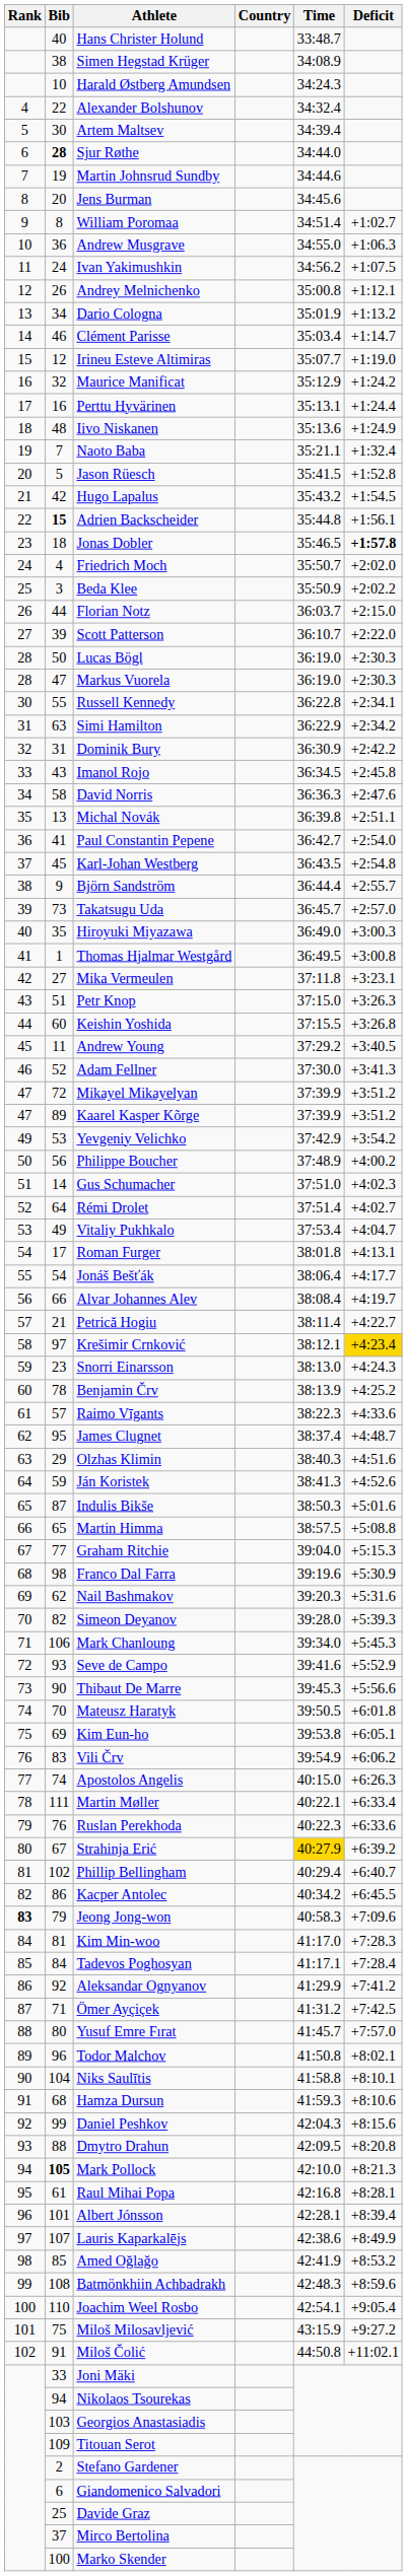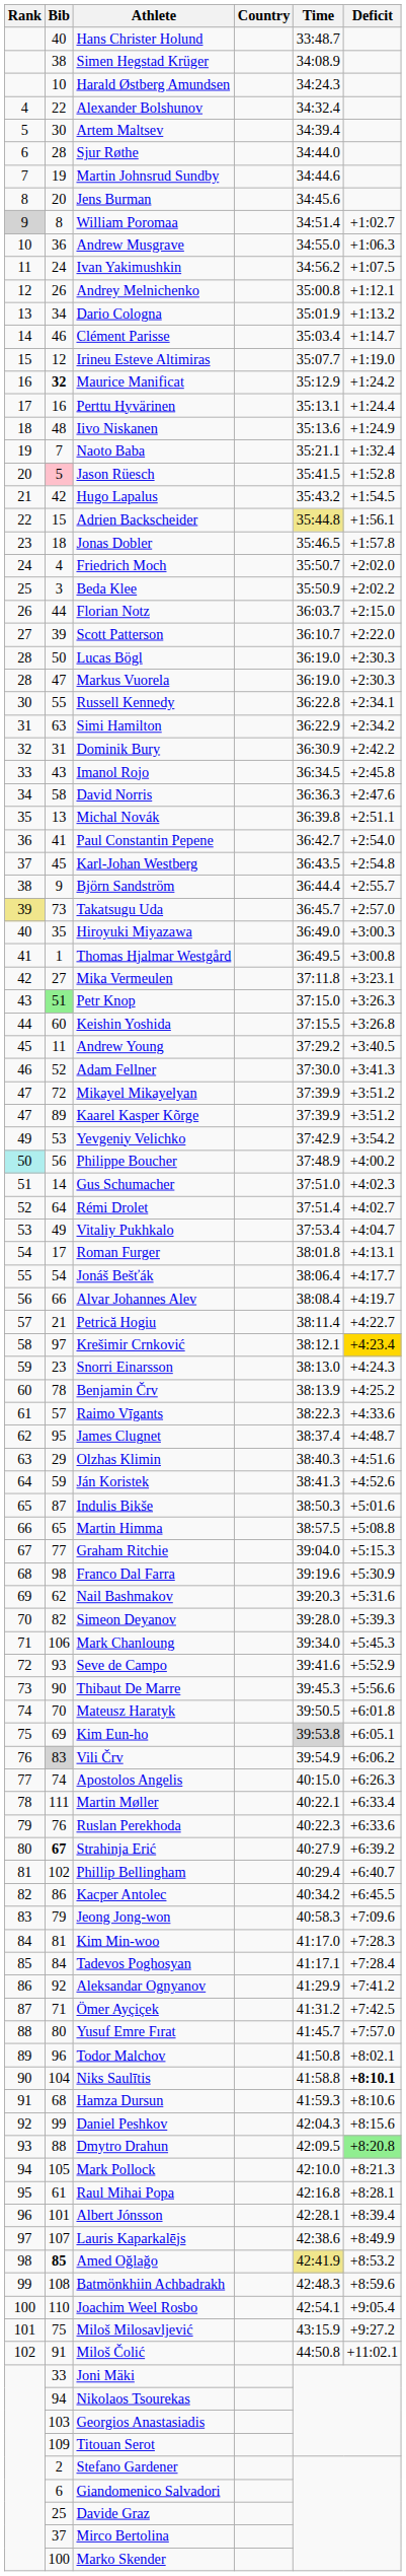 <table class="wikitable sortable" style="text-align:center">
 <tr>
 <th>Rank</th>
 <th>Bib</th>
 <th>Athlete</th>
 <th>Country</th>
 <th>Time</th>
 <th>Deficit</th>
 </tr>
 <tr>
 <td></td>
 <td>40</td>
 <td align=left><a href='#'>Hans Christer Holund</a></td>
 <td align=left></td>
 <td>33:48.7</td>
 <td></td>
 </tr>
 <tr>
 <td></td>
 <td>38</td>
 <td align=left><a href='#'>Simen Hegstad Krüger</a></td>
 <td align=left></td>
 <td>34:08.9</td>
 <td></td>
 </tr>
 <tr>
 <td></td>
 <td>10</td>
 <td align=left><a href='#'>Harald Østberg Amundsen</a></td>
 <td align=left></td>
 <td>34:24.3</td>
 <td></td>
 </tr>
 <tr>
 <td>4</td>
 <td>22</td>
 <td align=left><a href='#'>Alexander Bolshunov</a></td>
 <td align=left></td>
 <td>34:32.4</td>
 <td></td>
 </tr>
 <tr>
 <td>5</td>
 <td>30</td>
 <td align=left><a href='#'>Artem Maltsev</a></td>
 <td align=left></td>
 <td>34:39.4</td>
 <td></td>
 </tr>
 <tr>
 <td>6</td>
-<td><strong>28</strong></td>
+<td>28</td>
 <td align=left><a href='#'>Sjur Røthe</a></td>
 <td align=left></td>
 <td>34:44.0</td>
 <td></td>
 </tr>
 <tr>
 <td>7</td>
 <td>19</td>
 <td align=left><a href='#'>Martin Johnsrud Sundby</a></td>
 <td align=left></td>
 <td>34:44.6</td>
 <td></td>
 </tr>
 <tr>
 <td>8</td>
 <td>20</td>
 <td align=left><a href='#'>Jens Burman</a></td>
 <td align=left></td>
 <td>34:45.6</td>
 <td></td>
 </tr>
 <tr>
-<td>9</td>
+<td style="background: lightgrey;">9</td>
 <td>8</td>
 <td align=left><a href='#'>William Poromaa</a></td>
 <td align=left></td>
 <td>34:51.4</td>
 <td>+1:02.7</td>
 </tr>
 <tr>
 <td>10</td>
 <td>36</td>
 <td align=left><a href='#'>Andrew Musgrave</a></td>
 <td align=left></td>
 <td>34:55.0</td>
 <td>+1:06.3</td>
 </tr>
 <tr>
 <td>11</td>
 <td>24</td>
 <td align=left><a href='#'>Ivan Yakimushkin</a></td>
 <td align=left></td>
 <td>34:56.2</td>
 <td>+1:07.5</td>
 </tr>
 <tr>
 <td>12</td>
 <td>26</td>
 <td align=left><a href='#'>Andrey Melnichenko</a></td>
 <td align=left></td>
 <td>35:00.8</td>
 <td>+1:12.1</td>
 </tr>
 <tr>
 <td>13</td>
 <td>34</td>
 <td align=left><a href='#'>Dario Cologna</a></td>
 <td align=left></td>
 <td>35:01.9</td>
 <td>+1:13.2</td>
 </tr>
 <tr>
 <td>14</td>
 <td>46</td>
 <td align=left><a href='#'>Clément Parisse</a></td>
 <td align=left></td>
 <td>35:03.4</td>
 <td>+1:14.7</td>
 </tr>
 <tr>
 <td>15</td>
 <td>12</td>
 <td align=left><a href='#'>Irineu Esteve Altimiras</a></td>
 <td align=left></td>
 <td>35:07.7</td>
 <td>+1:19.0</td>
 </tr>
 <tr>
 <td>16</td>
-<td>32</td>
+<td><strong>32</strong></td>
 <td align=left><a href='#'>Maurice Manificat</a></td>
 <td align=left></td>
 <td>35:12.9</td>
 <td>+1:24.2</td>
 </tr>
 <tr>
 <td>17</td>
 <td>16</td>
 <td align=left><a href='#'>Perttu Hyvärinen</a></td>
 <td align=left></td>
 <td>35:13.1</td>
 <td>+1:24.4</td>
 </tr>
 <tr>
 <td>18</td>
 <td>48</td>
 <td align=left><a href='#'>Iivo Niskanen</a></td>
 <td align=left></td>
 <td>35:13.6</td>
 <td>+1:24.9</td>
 </tr>
 <tr>
 <td>19</td>
 <td>7</td>
 <td align=left><a href='#'>Naoto Baba</a></td>
 <td align=left></td>
 <td>35:21.1</td>
 <td>+1:32.4</td>
 </tr>
 <tr>
 <td>20</td>
-<td>5</td>
+<td style="background: pink;">5</td>
 <td align=left><a href='#'>Jason Rüesch</a></td>
 <td align=left></td>
 <td>35:41.5</td>
 <td>+1:52.8</td>
 </tr>
 <tr>
 <td>21</td>
 <td>42</td>
 <td align=left><a href='#'>Hugo Lapalus</a></td>
 <td align=left></td>
 <td>35:43.2</td>
 <td>+1:54.5</td>
 </tr>
 <tr>
 <td>22</td>
-<td><strong>15</strong></td>
+<td>15</td>
 <td align=left><a href='#'>Adrien Backscheider</a></td>
 <td align=left></td>
-<td>35:44.8</td>
+<td style="background: khaki;">35:44.8</td>
 <td>+1:56.1</td>
 </tr>
 <tr>
 <td>23</td>
 <td>18</td>
 <td align=left><a href='#'>Jonas Dobler</a></td>
 <td align=left></td>
 <td>35:46.5</td>
-<td><strong>+1:57.8</strong></td>
+<td>+1:57.8</td>
 </tr>
 <tr>
 <td>24</td>
 <td>4</td>
 <td align=left><a href='#'>Friedrich Moch</a></td>
 <td align=left></td>
 <td>35:50.7</td>
 <td>+2:02.0</td>
 </tr>
 <tr>
 <td>25</td>
 <td>3</td>
 <td align=left><a href='#'>Beda Klee</a></td>
 <td align=left></td>
 <td>35:50.9</td>
 <td>+2:02.2</td>
 </tr>
 <tr>
 <td>26</td>
 <td>44</td>
 <td align=left><a href='#'>Florian Notz</a></td>
 <td align=left></td>
 <td>36:03.7</td>
 <td>+2:15.0</td>
 </tr>
 <tr>
 <td>27</td>
 <td>39</td>
 <td align=left><a href='#'>Scott Patterson</a></td>
 <td align=left></td>
 <td>36:10.7</td>
 <td>+2:22.0</td>
 </tr>
 <tr>
 <td>28</td>
 <td>50</td>
 <td align=left><a href='#'>Lucas Bögl</a></td>
 <td align=left></td>
 <td>36:19.0</td>
 <td>+2:30.3</td>
 </tr>
 <tr>
 <td>28</td>
 <td>47</td>
 <td align=left><a href='#'>Markus Vuorela</a></td>
 <td align=left></td>
 <td>36:19.0</td>
 <td>+2:30.3</td>
 </tr>
 <tr>
 <td>30</td>
 <td>55</td>
 <td align=left><a href='#'>Russell Kennedy</a></td>
 <td align=left></td>
 <td>36:22.8</td>
 <td>+2:34.1</td>
 </tr>
 <tr>
 <td>31</td>
 <td>63</td>
 <td align=left><a href='#'>Simi Hamilton</a></td>
 <td align=left></td>
 <td>36:22.9</td>
 <td>+2:34.2</td>
 </tr>
 <tr>
 <td>32</td>
 <td>31</td>
 <td align=left><a href='#'>Dominik Bury</a></td>
 <td align=left></td>
 <td>36:30.9</td>
 <td>+2:42.2</td>
 </tr>
 <tr>
 <td>33</td>
 <td>43</td>
 <td align=left><a href='#'>Imanol Rojo</a></td>
 <td align=left></td>
 <td>36:34.5</td>
 <td>+2:45.8</td>
 </tr>
 <tr>
 <td>34</td>
 <td>58</td>
 <td align=left><a href='#'>David Norris</a></td>
 <td align=left></td>
 <td>36:36.3</td>
 <td>+2:47.6</td>
 </tr>
 <tr>
 <td>35</td>
 <td>13</td>
 <td align=left><a href='#'>Michal Novák</a></td>
 <td align=left></td>
 <td>36:39.8</td>
 <td>+2:51.1</td>
 </tr>
 <tr>
 <td>36</td>
 <td>41</td>
 <td align=left><a href='#'>Paul Constantin Pepene</a></td>
 <td align=left></td>
 <td>36:42.7</td>
 <td>+2:54.0</td>
 </tr>
 <tr>
 <td>37</td>
 <td>45</td>
 <td align=left><a href='#'>Karl-Johan Westberg</a></td>
 <td align=left></td>
 <td>36:43.5</td>
 <td>+2:54.8</td>
 </tr>
 <tr>
 <td>38</td>
 <td>9</td>
 <td align=left><a href='#'>Björn Sandström</a></td>
 <td align=left></td>
 <td>36:44.4</td>
 <td>+2:55.7</td>
 </tr>
 <tr>
-<td>39</td>
+<td style="background: khaki;">39</td>
 <td>73</td>
 <td align=left><a href='#'>Takatsugu Uda</a></td>
 <td align=left></td>
 <td>36:45.7</td>
 <td>+2:57.0</td>
 </tr>
 <tr>
 <td>40</td>
 <td>35</td>
 <td align=left><a href='#'>Hiroyuki Miyazawa</a></td>
 <td align=left></td>
 <td>36:49.0</td>
 <td>+3:00.3</td>
 </tr>
 <tr>
 <td>41</td>
 <td>1</td>
 <td align=left><a href='#'>Thomas Hjalmar Westgård</a></td>
 <td align=left></td>
 <td>36:49.5</td>
 <td>+3:00.8</td>
 </tr>
 <tr>
 <td>42</td>
 <td>27</td>
 <td align=left><a href='#'>Mika Vermeulen</a></td>
 <td align=left></td>
 <td>37:11.8</td>
 <td>+3:23.1</td>
 </tr>
 <tr>
 <td>43</td>
-<td>51</td>
+<td style="background: lightgreen;">51</td>
 <td align=left><a href='#'>Petr Knop</a></td>
 <td align=left></td>
 <td>37:15.0</td>
 <td>+3:26.3</td>
 </tr>
 <tr>
 <td>44</td>
 <td>60</td>
 <td align=left><a href='#'>Keishin Yoshida</a></td>
 <td align=left></td>
 <td>37:15.5</td>
 <td>+3:26.8</td>
 </tr>
 <tr>
 <td>45</td>
 <td>11</td>
 <td align=left><a href='#'>Andrew Young</a></td>
 <td align=left></td>
 <td>37:29.2</td>
 <td>+3:40.5</td>
 </tr>
 <tr>
 <td>46</td>
 <td>52</td>
 <td align=left><a href='#'>Adam Fellner</a></td>
 <td align=left></td>
 <td>37:30.0</td>
 <td>+3:41.3</td>
 </tr>
 <tr>
 <td>47</td>
 <td>72</td>
 <td align=left><a href='#'>Mikayel Mikayelyan</a></td>
 <td align=left></td>
 <td>37:39.9</td>
 <td>+3:51.2</td>
 </tr>
 <tr>
 <td>47</td>
 <td>89</td>
 <td align=left><a href='#'>Kaarel Kasper Kõrge</a></td>
 <td align=left></td>
 <td>37:39.9</td>
 <td>+3:51.2</td>
 </tr>
 <tr>
 <td>49</td>
 <td>53</td>
 <td align=left><a href='#'>Yevgeniy Velichko</a></td>
 <td align=left></td>
 <td>37:42.9</td>
 <td>+3:54.2</td>
 </tr>
 <tr>
-<td>50</td>
+<td style="background: paleturquoise;">50</td>
 <td>56</td>
 <td align=left><a href='#'>Philippe Boucher</a></td>
 <td align=left></td>
 <td>37:48.9</td>
 <td>+4:00.2</td>
 </tr>
 <tr>
 <td>51</td>
 <td>14</td>
 <td align=left><a href='#'>Gus Schumacher</a></td>
 <td align=left></td>
 <td>37:51.0</td>
 <td>+4:02.3</td>
 </tr>
 <tr>
 <td>52</td>
 <td>64</td>
 <td align=left><a href='#'>Rémi Drolet</a></td>
 <td align=left></td>
 <td>37:51.4</td>
 <td>+4:02.7</td>
 </tr>
 <tr>
 <td>53</td>
 <td>49</td>
 <td align=left><a href='#'>Vitaliy Pukhkalo</a></td>
 <td align=left></td>
 <td>37:53.4</td>
 <td>+4:04.7</td>
 </tr>
 <tr>
 <td>54</td>
 <td>17</td>
 <td align=left><a href='#'>Roman Furger</a></td>
 <td align=left></td>
 <td>38:01.8</td>
 <td>+4:13.1</td>
 </tr>
 <tr>
 <td>55</td>
 <td>54</td>
 <td align=left><a href='#'>Jonáš Bešťák</a></td>
 <td align=left></td>
 <td>38:06.4</td>
 <td>+4:17.7</td>
 </tr>
 <tr>
 <td>56</td>
 <td>66</td>
 <td align=left><a href='#'>Alvar Johannes Alev</a></td>
 <td align=left></td>
 <td>38:08.4</td>
 <td>+4:19.7</td>
 </tr>
 <tr>
 <td>57</td>
 <td>21</td>
 <td align=left><a href='#'>Petrică Hogiu</a></td>
 <td align=left></td>
 <td>38:11.4</td>
 <td>+4:22.7</td>
 </tr>
 <tr>
 <td>58</td>
 <td>97</td>
 <td align=left><a href='#'>Krešimir Crnković</a></td>
 <td align=left></td>
 <td>38:12.1</td>
 <td style="background: gold;">+4:23.4</td>
 </tr>
 <tr>
 <td>59</td>
 <td>23</td>
 <td align=left><a href='#'>Snorri Einarsson</a></td>
 <td align=left></td>
 <td>38:13.0</td>
 <td>+4:24.3</td>
 </tr>
 <tr>
 <td>60</td>
 <td>78</td>
 <td align=left><a href='#'>Benjamin Črv</a></td>
 <td align=left></td>
 <td>38:13.9</td>
 <td>+4:25.2</td>
 </tr>
 <tr>
 <td>61</td>
 <td>57</td>
 <td align=left><a href='#'>Raimo Vīgants</a></td>
 <td align=left></td>
 <td>38:22.3</td>
 <td>+4:33.6</td>
 </tr>
 <tr>
 <td>62</td>
 <td>95</td>
 <td align=left><a href='#'>James Clugnet</a></td>
 <td align=left></td>
 <td>38:37.4</td>
 <td>+4:48.7</td>
 </tr>
 <tr>
 <td>63</td>
 <td>29</td>
 <td align=left><a href='#'>Olzhas Klimin</a></td>
 <td align=left></td>
 <td>38:40.3</td>
 <td>+4:51.6</td>
 </tr>
 <tr>
 <td>64</td>
 <td>59</td>
 <td align=left><a href='#'>Ján Koristek</a></td>
 <td align=left></td>
 <td>38:41.3</td>
 <td>+4:52.6</td>
 </tr>
 <tr>
 <td>65</td>
 <td>87</td>
 <td align=left><a href='#'>Indulis Bikše</a></td>
 <td align=left></td>
 <td>38:50.3</td>
 <td>+5:01.6</td>
 </tr>
 <tr>
 <td>66</td>
 <td>65</td>
 <td align=left><a href='#'>Martin Himma</a></td>
 <td align=left></td>
 <td>38:57.5</td>
 <td>+5:08.8</td>
 </tr>
 <tr>
 <td>67</td>
 <td>77</td>
 <td align=left><a href='#'>Graham Ritchie</a></td>
 <td align=left></td>
 <td>39:04.0</td>
 <td>+5:15.3</td>
 </tr>
 <tr>
 <td>68</td>
 <td>98</td>
 <td align=left><a href='#'>Franco Dal Farra</a></td>
 <td align=left></td>
 <td>39:19.6</td>
 <td>+5:30.9</td>
 </tr>
 <tr>
 <td>69</td>
 <td>62</td>
 <td align=left><a href='#'>Nail Bashmakov</a></td>
 <td align=left></td>
 <td>39:20.3</td>
 <td>+5:31.6</td>
 </tr>
 <tr>
 <td>70</td>
 <td>82</td>
 <td align=left><a href='#'>Simeon Deyanov</a></td>
 <td align=left></td>
 <td>39:28.0</td>
 <td>+5:39.3</td>
 </tr>
 <tr>
 <td>71</td>
 <td>106</td>
 <td align=left><a href='#'>Mark Chanloung</a></td>
 <td align=left></td>
 <td>39:34.0</td>
 <td>+5:45.3</td>
 </tr>
 <tr>
 <td>72</td>
 <td>93</td>
 <td align=left><a href='#'>Seve de Campo</a></td>
 <td align=left></td>
 <td>39:41.6</td>
 <td>+5:52.9</td>
 </tr>
 <tr>
 <td>73</td>
 <td>90</td>
 <td align=left><a href='#'>Thibaut De Marre</a></td>
 <td align=left></td>
 <td>39:45.3</td>
 <td>+5:56.6</td>
 </tr>
 <tr>
 <td>74</td>
 <td>70</td>
 <td align=left><a href='#'>Mateusz Haratyk</a></td>
 <td align=left></td>
 <td>39:50.5</td>
 <td>+6:01.8</td>
 </tr>
 <tr>
 <td>75</td>
 <td>69</td>
 <td align=left><a href='#'>Kim Eun-ho</a></td>
 <td align=left></td>
-<td>39:53.8</td>
+<td style="background: lightgrey;">39:53.8</td>
 <td>+6:05.1</td>
 </tr>
 <tr>
 <td>76</td>
-<td>83</td>
+<td style="background: lightgrey;">83</td>
 <td align=left><a href='#'>Vili Črv</a></td>
 <td align=left></td>
 <td>39:54.9</td>
 <td>+6:06.2</td>
 </tr>
 <tr>
 <td>77</td>
 <td>74</td>
 <td align=left><a href='#'>Apostolos Angelis</a></td>
 <td align=left></td>
 <td>40:15.0</td>
 <td>+6:26.3</td>
 </tr>
 <tr>
 <td>78</td>
 <td>111</td>
 <td align=left><a href='#'>Martin Møller</a></td>
 <td align=left></td>
 <td>40:22.1</td>
 <td>+6:33.4</td>
 </tr>
 <tr>
 <td>79</td>
 <td>76</td>
 <td align=left><a href='#'>Ruslan Perekhoda</a></td>
 <td align=left></td>
 <td>40:22.3</td>
 <td>+6:33.6</td>
 </tr>
 <tr>
 <td>80</td>
-<td>67</td>
+<td><strong>67</strong></td>
 <td align=left><a href='#'>Strahinja Erić</a></td>
 <td align=left></td>
-<td style="background: gold;">40:27.9</td>
+<td>40:27.9</td>
 <td>+6:39.2</td>
 </tr>
 <tr>
 <td>81</td>
 <td>102</td>
 <td align=left><a href='#'>Phillip Bellingham</a></td>
 <td align=left></td>
 <td>40:29.4</td>
 <td>+6:40.7</td>
 </tr>
 <tr>
 <td>82</td>
 <td>86</td>
 <td align=left><a href='#'>Kacper Antolec</a></td>
 <td align=left></td>
 <td>40:34.2</td>
 <td>+6:45.5</td>
 </tr>
 <tr>
-<td><strong>83</strong></td>
+<td>83</td>
 <td>79</td>
 <td align=left><a href='#'>Jeong Jong-won</a></td>
 <td align=left></td>
 <td>40:58.3</td>
 <td>+7:09.6</td>
 </tr>
 <tr>
 <td>84</td>
 <td>81</td>
 <td align=left><a href='#'>Kim Min-woo</a></td>
 <td align=left></td>
 <td>41:17.0</td>
 <td>+7:28.3</td>
 </tr>
 <tr>
 <td>85</td>
 <td>84</td>
 <td align=left><a href='#'>Tadevos Poghosyan</a></td>
 <td align=left></td>
 <td>41:17.1</td>
 <td>+7:28.4</td>
 </tr>
 <tr>
 <td>86</td>
 <td>92</td>
 <td align=left><a href='#'>Aleksandar Ognyanov</a></td>
 <td align=left></td>
 <td>41:29.9</td>
 <td>+7:41.2</td>
 </tr>
 <tr>
 <td>87</td>
 <td>71</td>
 <td align=left><a href='#'>Ömer Ayçiçek</a></td>
 <td align=left></td>
 <td>41:31.2</td>
 <td>+7:42.5</td>
 </tr>
 <tr>
 <td>88</td>
 <td>80</td>
 <td align=left><a href='#'>Yusuf Emre Fırat</a></td>
 <td align=left></td>
 <td>41:45.7</td>
 <td>+7:57.0</td>
 </tr>
 <tr>
 <td>89</td>
 <td>96</td>
 <td align=left><a href='#'>Todor Malchov</a></td>
 <td align=left></td>
 <td>41:50.8</td>
 <td>+8:02.1</td>
 </tr>
 <tr>
 <td>90</td>
 <td>104</td>
 <td align=left><a href='#'>Niks Saulītis</a></td>
 <td align=left></td>
 <td>41:58.8</td>
-<td>+8:10.1</td>
+<td><strong>+8:10.1</strong></td>
 </tr>
 <tr>
 <td>91</td>
 <td>68</td>
 <td align=left><a href='#'>Hamza Dursun</a></td>
 <td align=left></td>
 <td>41:59.3</td>
 <td>+8:10.6</td>
 </tr>
 <tr>
 <td>92</td>
 <td>99</td>
 <td align=left><a href='#'>Daniel Peshkov</a></td>
 <td align=left></td>
 <td>42:04.3</td>
 <td>+8:15.6</td>
 </tr>
 <tr>
 <td>93</td>
 <td>88</td>
 <td align=left><a href='#'>Dmytro Drahun</a></td>
 <td align=left></td>
 <td>42:09.5</td>
-<td>+8:20.8</td>
+<td style="background: lightgreen;">+8:20.8</td>
 </tr>
 <tr>
 <td>94</td>
-<td><strong>105</strong></td>
+<td>105</td>
 <td align=left><a href='#'>Mark Pollock</a></td>
 <td align=left></td>
 <td>42:10.0</td>
 <td>+8:21.3</td>
 </tr>
 <tr>
 <td>95</td>
 <td>61</td>
 <td align=left><a href='#'>Raul Mihai Popa</a></td>
 <td align=left></td>
 <td>42:16.8</td>
 <td>+8:28.1</td>
 </tr>
 <tr>
 <td>96</td>
 <td>101</td>
 <td align=left><a href='#'>Albert Jónsson</a></td>
 <td align=left></td>
 <td>42:28.1</td>
 <td>+8:39.4</td>
 </tr>
 <tr>
 <td>97</td>
 <td>107</td>
 <td align=left><a href='#'>Lauris Kaparkalējs</a></td>
 <td align=left></td>
 <td>42:38.6</td>
 <td>+8:49.9</td>
 </tr>
 <tr>
 <td>98</td>
-<td>85</td>
+<td><strong>85</strong></td>
 <td align=left><a href='#'>Amed Oğlağo</a></td>
 <td align=left></td>
-<td>42:41.9</td>
+<td style="background: khaki;">42:41.9</td>
 <td>+8:53.2</td>
 </tr>
 <tr>
 <td>99</td>
 <td>108</td>
 <td align=left><a href='#'>Batmönkhiin Achbadrakh</a></td>
 <td align=left></td>
 <td>42:48.3</td>
 <td>+8:59.6</td>
 </tr>
 <tr>
 <td>100</td>
 <td>110</td>
 <td align=left><a href='#'>Joachim Weel Rosbo</a></td>
 <td align=left></td>
 <td>42:54.1</td>
 <td>+9:05.4</td>
 </tr>
 <tr>
 <td>101</td>
 <td>75</td>
 <td align=left><a href='#'>Miloš Milosavljević</a></td>
 <td align=left></td>
 <td>43:15.9</td>
 <td>+9:27.2</td>
 </tr>
 <tr>
 <td>102</td>
 <td>91</td>
 <td align=left><a href='#'>Miloš Čolić</a></td>
 <td align=left></td>
 <td>44:50.8</td>
 <td>+11:02.1</td>
 </tr>
 <tr>
 <td rowspan=9></td>
 <td>33</td>
 <td align=left><a href='#'>Joni Mäki</a></td>
 <td align=left></td>
 <td colspan=2 rowspan=4></td>
 </tr>
 <tr>
 <td>94</td>
 <td align=left><a href='#'>Nikolaos Tsourekas</a></td>
 <td align=left></td>
 </tr>
 <tr>
 <td>103</td>
 <td align=left><a href='#'>Georgios Anastasiadis</a></td>
 <td align=left></td>
 </tr>
 <tr>
 <td>109</td>
 <td align=left><a href='#'>Titouan Serot</a></td>
 <td align=left></td>
 </tr>
 <tr>
 <td>2</td>
 <td align=left><a href='#'>Stefano Gardener</a></td>
 <td align=left></td>
 <td colspan=2 rowspan=5></td>
 </tr>
 <tr>
 <td>6</td>
 <td align=left><a href='#'>Giandomenico Salvadori</a></td>
 <td align=left></td>
 </tr>
 <tr>
 <td>25</td>
 <td align=left><a href='#'>Davide Graz</a></td>
 <td align=left></td>
 </tr>
 <tr>
 <td>37</td>
 <td align=left><a href='#'>Mirco Bertolina</a></td>
 <td align=left></td>
 </tr>
 <tr>
 <td>100</td>
 <td align=left><a href='#'>Marko Skender</a></td>
 <td align=left></td>
 </tr>
 </table>
